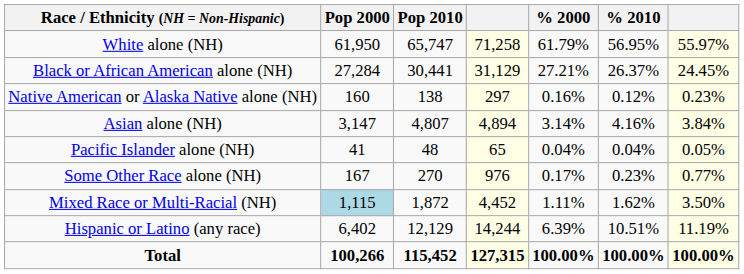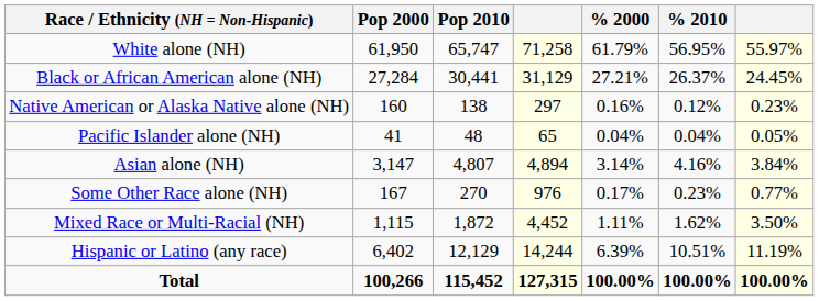 <table class="wikitable" style="text-align:center;">
 <tr>
 <th>Race / Ethnicity <small>(<em>NH = Non-Hispanic</em>)</small></th>
 <th>Pop 2000</th>
 <th>Pop 2010</th>
 <th></th>
 <th>% 2000</th>
 <th>% 2010</th>
 <th></th>
 </tr>
 <tr>
 <td><a href='#'>White</a> alone (NH)</td>
 <td>61,950</td>
 <td>65,747</td>
 <td style='background: #ffffe6;'>71,258</td>
 <td>61.79%</td>
 <td>56.95%</td>
 <td style='background: #ffffe6;'>55.97%</td>
 </tr>
 <tr>
 <td><a href='#'>Black or African American</a> alone (NH)</td>
 <td>27,284</td>
 <td>30,441</td>
 <td style='background: #ffffe6;'>31,129</td>
 <td>27.21%</td>
 <td>26.37%</td>
 <td style='background: #ffffe6;'>24.45%</td>
 </tr>
 <tr>
 <td><a href='#'>Native American</a> or <a href='#'>Alaska Native</a> alone (NH)</td>
 <td>160</td>
 <td>138</td>
 <td style='background: #ffffe6;'>297</td>
 <td>0.16%</td>
 <td>0.12%</td>
 <td style='background: #ffffe6;'>0.23%</td>
 </tr>
 <tr>
+<td><a href='#'>Pacific Islander</a> alone (NH)</td>
+<td>41</td>
+<td>48</td>
+<td style='background: #ffffe6;'>65</td>
+<td>0.04%</td>
+<td>0.04%</td>
+<td style='background: #ffffe6;'>0.05%</td>
+</tr>
+<tr>
 <td><a href='#'>Asian</a> alone (NH)</td>
 <td>3,147</td>
 <td>4,807</td>
 <td style='background: #ffffe6;'>4,894</td>
 <td>3.14%</td>
 <td>4.16%</td>
 <td style='background: #ffffe6;'>3.84%</td>
-</tr>
-<tr>
-<td><a href='#'>Pacific Islander</a> alone (NH)</td>
-<td>41</td>
-<td>48</td>
-<td style='background: #ffffe6;'>65</td>
-<td>0.04%</td>
-<td>0.04%</td>
-<td style='background: #ffffe6;'>0.05%</td>
 </tr>
 <tr>
 <td><a href='#'>Some Other Race</a> alone (NH)</td>
 <td>167</td>
 <td>270</td>
 <td style='background: #ffffe6;'>976</td>
 <td>0.17%</td>
 <td>0.23%</td>
 <td style='background: #ffffe6;'>0.77%</td>
 </tr>
 <tr>
 <td><a href='#'>Mixed Race or Multi-Racial</a> (NH)</td>
-<td style="background: lightblue;">1,115</td>
+<td>1,115</td>
 <td>1,872</td>
 <td style='background: #ffffe6;'>4,452</td>
 <td>1.11%</td>
 <td>1.62%</td>
 <td style='background: #ffffe6;'>3.50%</td>
 </tr>
 <tr>
 <td><a href='#'>Hispanic or Latino</a> (any race)</td>
 <td>6,402</td>
 <td>12,129</td>
 <td style='background: #ffffe6;'>14,244</td>
 <td>6.39%</td>
 <td>10.51%</td>
 <td style='background: #ffffe6;'>11.19%</td>
 </tr>
 <tr>
 <td><strong>Total</strong></td>
 <td><strong>100,266</strong></td>
 <td><strong>115,452</strong></td>
 <td style='background: #ffffe6;'><strong>127,315</strong></td>
 <td><strong>100.00%</strong></td>
 <td><strong>100.00%</strong></td>
 <td style='background: #ffffe6;'><strong>100.00%</strong></td>
 </tr>
 </table>
